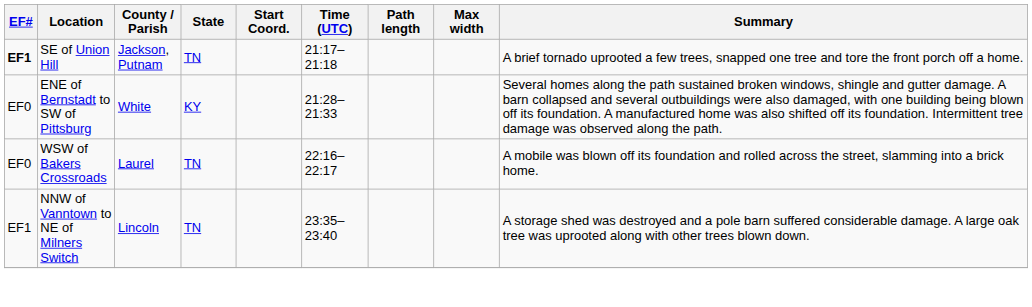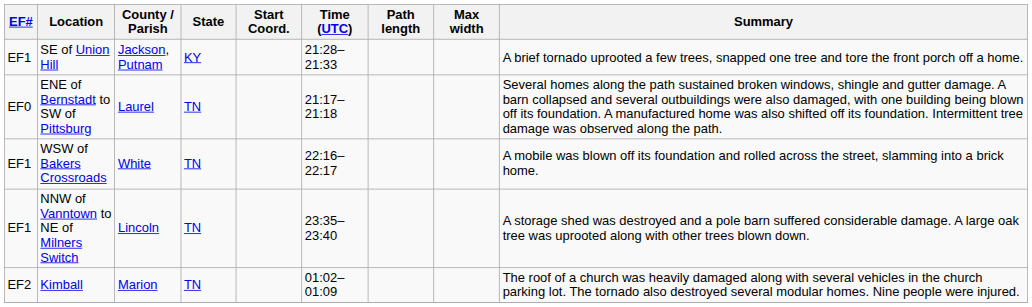 <table class="wikitable sortable" style="width:100%;">
 <tr>
 <th scope="col"  style="width:3%; text-align:center;"><a href='#'>EF#</a></th>
 <th scope="col"  style="width:7%; text-align:center;" class="unsortable">Location</th>
 <th scope="col"  style="width:6%; text-align:center;" class="unsortable">County / Parish</th>
 <th scope="col"  style="width:5%; text-align:center;">State</th>
 <th scope="col"  style="width:6%; text-align:center;">Start Coord.</th>
 <th scope="col"  style="width:6%; text-align:center;">Time (<a href='#'>UTC</a>)</th>
 <th scope="col"  style="width:6%; text-align:center;">Path length</th>
 <th scope="col"  style="width:6%; text-align:center;">Max width</th>
 <th scope="col" class="unsortable" style="width:48%; text-align:center;">Summary</th>
 </tr>
 <tr>
-<td><strong>EF1</strong></td>
+<td>EF1</td>
 <td>SE of <a href='#'>Union Hill</a></td>
 <td><a href='#'>Jackson</a>, <a href='#'>Putnam</a></td>
-<td><a href='#'>TN</a></td>
+<td><a href='#'>KY</a></td>
 <td></td>
-<td>21:17–21:18</td>
+<td>21:28–21:33</td>
 <td></td>
 <td></td>
 <td>A brief tornado uprooted a few trees, snapped one tree and tore the front porch off a home.</td>
 </tr>
 <tr>
 <td>EF0</td>
 <td>ENE of <a href='#'>Bernstadt</a> to SW of <a href='#'>Pittsburg</a></td>
-<td><a href='#'>White</a></td>
-<td><a href='#'>KY</a></td>
+<td><a href='#'>Laurel</a></td>
+<td><a href='#'>TN</a></td>
 <td></td>
-<td>21:28–21:33</td>
+<td>21:17–21:18</td>
 <td></td>
 <td></td>
 <td>Several homes along the path sustained broken windows, shingle and gutter damage. A barn collapsed and several outbuildings were also damaged, with one building being blown off its foundation. A manufactured home was also shifted off its foundation. Intermittent tree damage was observed along the path.</td>
 </tr>
 <tr>
-<td>EF0</td>
+<td>EF1</td>
 <td>WSW of <a href='#'>Bakers Crossroads</a></td>
-<td><a href='#'>Laurel</a></td>
+<td><a href='#'>White</a></td>
 <td><a href='#'>TN</a></td>
 <td></td>
 <td>22:16–22:17</td>
 <td></td>
 <td></td>
 <td>A mobile was blown off its foundation and rolled across the street, slamming into a brick home.</td>
 </tr>
 <tr>
 <td>EF1</td>
 <td>NNW of <a href='#'>Vanntown</a> to NE of <a href='#'>Milners Switch</a></td>
 <td><a href='#'>Lincoln</a></td>
 <td><a href='#'>TN</a></td>
 <td></td>
 <td>23:35–23:40</td>
 <td></td>
 <td></td>
 <td>A storage shed was destroyed and a pole barn suffered considerable damage. A large oak tree was uprooted along with other trees blown down.</td>
 </tr>
 <tr>
+<td>EF2</td>
+<td><a href='#'>Kimball</a></td>
+<td><a href='#'>Marion</a></td>
+<td><a href='#'>TN</a></td>
+<td></td>
+<td>01:02–01:09</td>
+<td></td>
+<td></td>
+<td>The roof of a church was heavily damaged along with several vehicles in the church parking lot. The tornado also destroyed several modular homes. Nine people were injured.</td>
+</tr>
+<tr>
 </tr>
 </table>
